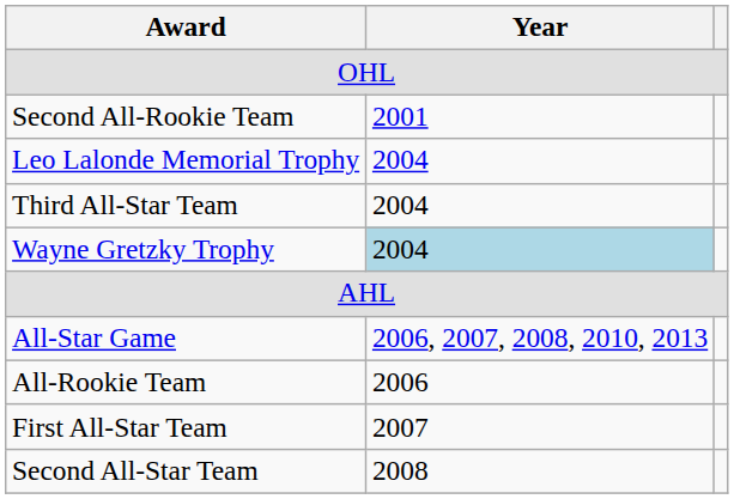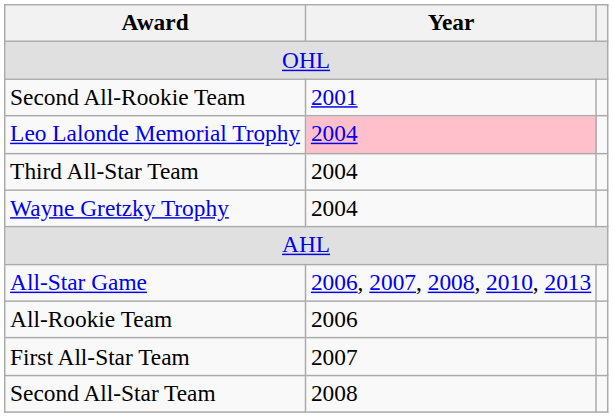 <table class="wikitable">
 <tr>
 <th>Award</th>
 <th>Year</th>
 <th></th>
 </tr>
 <tr ALIGN="center" bgcolor="#e0e0e0">
 <td colspan="3"><a href='#'>OHL</a></td>
 </tr>
 <tr>
 <td>Second All-Rookie Team</td>
 <td><a href='#'>2001</a></td>
 <td></td>
 </tr>
 <tr>
 <td><a href='#'>Leo Lalonde Memorial Trophy</a></td>
-<td><a href='#'>2004</a></td>
+<td style="background: pink;"><a href='#'>2004</a></td>
 <td></td>
 </tr>
 <tr>
 <td>Third All-Star Team</td>
 <td>2004</td>
 <td></td>
 </tr>
 <tr>
 <td><a href='#'>Wayne Gretzky Trophy</a></td>
-<td style="background: lightblue;">2004</td>
+<td>2004</td>
 <td></td>
 </tr>
 <tr ALIGN="center" bgcolor="#e0e0e0">
 <td colspan="3"><a href='#'>AHL</a></td>
 </tr>
 <tr>
 <td><a href='#'>All-Star Game</a></td>
 <td><a href='#'>2006</a>, <a href='#'>2007</a>, <a href='#'>2008</a>, <a href='#'>2010</a>, <a href='#'>2013</a></td>
 <td></td>
 </tr>
 <tr>
 <td>All-Rookie Team</td>
 <td>2006</td>
 <td></td>
 </tr>
 <tr>
 <td>First All-Star Team</td>
 <td>2007</td>
 <td></td>
 </tr>
 <tr>
 <td>Second All-Star Team</td>
 <td>2008</td>
 <td></td>
 </tr>
 </table>
